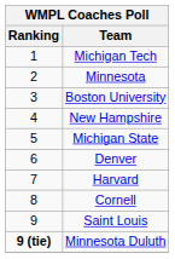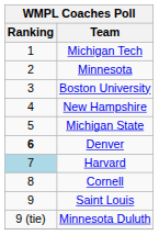 <table class="wikitable" style="text-align:center;">
 <tr>
 <th colspan=2><strong>WMPL Coaches Poll</strong></th>
 </tr>
 <tr>
 <th>Ranking</th>
 <th>Team</th>
 </tr>
 <tr>
 <td>1</td>
 <td><a href='#'>Michigan Tech</a></td>
 </tr>
 <tr>
 <td>2</td>
 <td><a href='#'>Minnesota</a></td>
 </tr>
 <tr>
 <td>3</td>
 <td><a href='#'>Boston University</a></td>
 </tr>
 <tr>
 <td>4</td>
 <td><a href='#'>New Hampshire</a></td>
 </tr>
 <tr>
 <td>5</td>
 <td><a href='#'>Michigan State</a></td>
 </tr>
 <tr>
-<td>6</td>
+<td><strong>6</strong></td>
 <td><a href='#'>Denver</a></td>
 </tr>
 <tr>
-<td>7</td>
+<td style="background: lightblue;">7</td>
 <td><a href='#'>Harvard</a></td>
 </tr>
 <tr>
 <td>8</td>
 <td><a href='#'>Cornell</a></td>
 </tr>
 <tr>
 <td>9</td>
 <td><a href='#'>Saint Louis</a></td>
 </tr>
 <tr>
-<td><strong>9 (tie)</strong></td>
+<td>9 (tie)</td>
 <td><a href='#'>Minnesota Duluth</a></td>
 </tr>
 <tr>
 </tr>
 </table>
